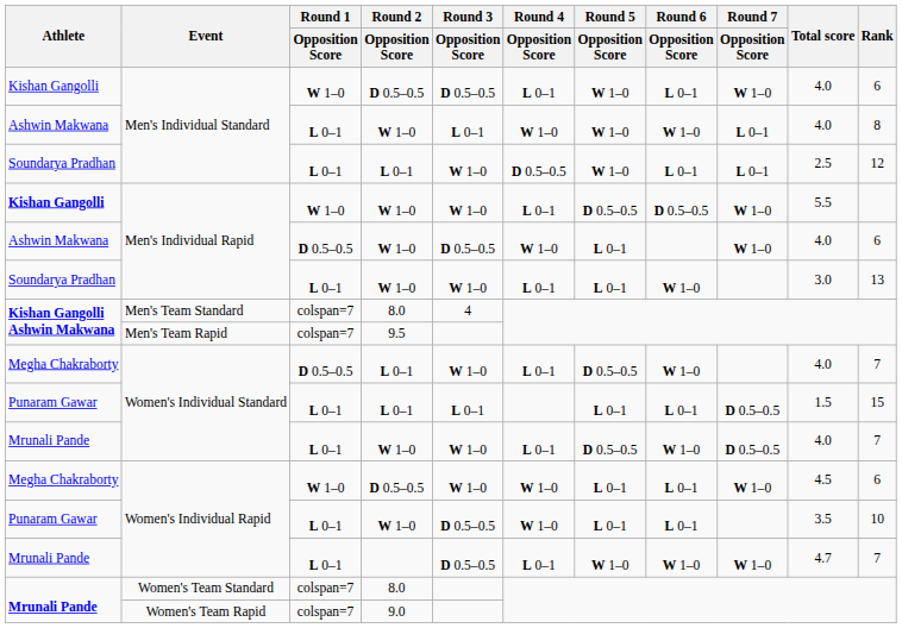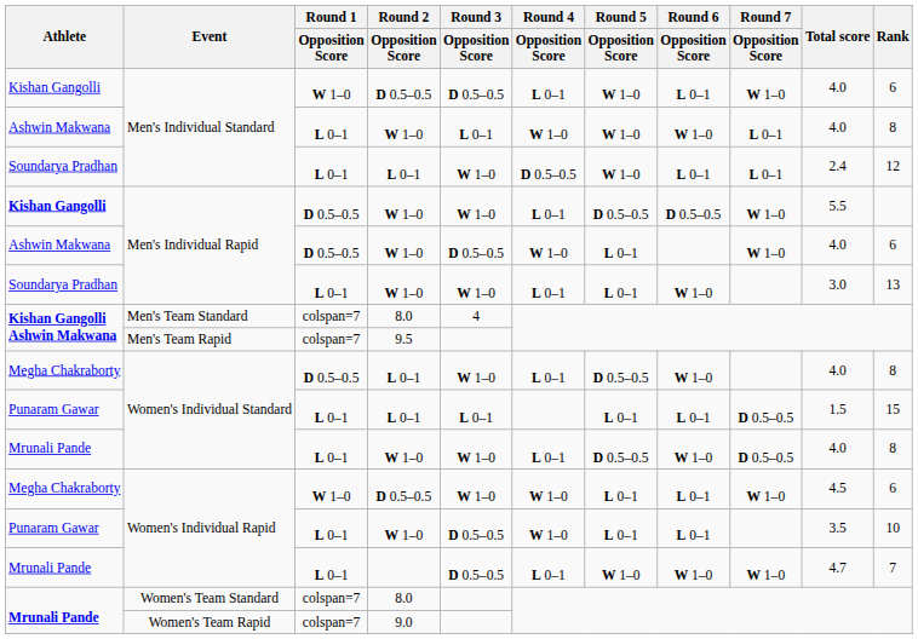 <table class="wikitable" style="text-align:center; font-size:90%">
 <tr>
 <th rowspan=2>Athlete</th>
 <th rowspan=2>Event</th>
 <th>Round 1</th>
 <th>Round 2</th>
 <th>Round 3</th>
 <th>Round 4</th>
 <th>Round 5</th>
 <th>Round 6</th>
 <th>Round 7</th>
 <th rowspan=2>Total score</th>
 <th rowspan=2>Rank</th>
 </tr>
 <tr>
 <th>Opposition<br>Score</th>
 <th>Opposition<br>Score</th>
 <th>Opposition<br>Score</th>
 <th>Opposition<br>Score</th>
 <th>Opposition<br>Score</th>
 <th>Opposition<br>Score</th>
 <th>Opposition<br>Score</th>
 </tr>
 <tr>
 <td align="left"><a href='#'>Kishan Gangolli</a></td>
 <td align="left" rowspan="3">Men's Individual Standard</td>
 <td><br><strong>W</strong> 1–0</td>
 <td><br><strong>D</strong> 0.5–0.5</td>
 <td><br><strong>D</strong> 0.5–0.5</td>
 <td><br><strong>L</strong> 0–1</td>
 <td><br><strong>W</strong> 1–0</td>
 <td><br><strong>L</strong> 0–1</td>
 <td><br><strong>W</strong> 1–0</td>
 <td>4.0</td>
 <td>6</td>
 </tr>
 <tr>
 <td align="left"><a href='#'>Ashwin Makwana</a></td>
 <td><br><strong>L</strong> 0–1</td>
 <td><br><strong>W</strong> 1–0</td>
 <td><br><strong>L</strong> 0–1</td>
 <td><br><strong>W</strong> 1–0</td>
 <td><br><strong>W</strong> 1–0</td>
 <td><br><strong>W</strong> 1–0</td>
 <td><br><strong>L</strong> 0–1</td>
 <td>4.0</td>
 <td>8</td>
 </tr>
 <tr>
 <td align="left"><a href='#'>Soundarya Pradhan</a></td>
 <td><br><strong>L</strong> 0–1</td>
 <td><br><strong>L</strong> 0–1</td>
 <td><br><strong>W</strong> 1–0</td>
 <td><br><strong>D</strong> 0.5–0.5</td>
 <td><br><strong>W</strong> 1–0</td>
 <td><br><strong>L</strong> 0–1</td>
 <td><br><strong>L</strong> 0–1</td>
-<td>2.5</td>
+<td>2.4</td>
 <td>12</td>
 </tr>
 <tr>
 <td align="left"><strong><a href='#'>Kishan Gangolli</a></strong></td>
 <td align="left" rowspan="3">Men's Individual Rapid</td>
-<td><br><strong>W</strong> 1–0</td>
+<td><br><strong>D</strong> 0.5–0.5</td>
 <td><br><strong>W</strong> 1–0</td>
 <td><br><strong>W</strong> 1–0</td>
 <td><br><strong>L</strong> 0–1</td>
 <td><br><strong>D</strong> 0.5–0.5</td>
 <td><br><strong>D</strong> 0.5–0.5</td>
 <td><br><strong>W</strong> 1–0</td>
 <td>5.5</td>
 <td></td>
 </tr>
 <tr>
 <td align="left"><a href='#'>Ashwin Makwana</a></td>
 <td><br><strong>D</strong> 0.5–0.5</td>
 <td><br><strong>W</strong> 1–0</td>
 <td><br><strong>D</strong> 0.5–0.5</td>
 <td><br><strong>W</strong> 1–0</td>
 <td><br><strong>L</strong> 0–1</td>
 <td></td>
 <td><br><strong>W</strong> 1–0</td>
 <td>4.0</td>
 <td>6</td>
 </tr>
 <tr>
 <td align="left"><a href='#'>Soundarya Pradhan</a></td>
 <td><br><strong>L</strong> 0–1</td>
 <td><br><strong>W</strong> 1–0</td>
 <td><br><strong>W</strong> 1–0</td>
 <td><br><strong>L</strong> 0–1</td>
 <td><br><strong>L</strong> 0–1</td>
 <td><br><strong>W</strong> 1–0</td>
 <td></td>
 <td>3.0</td>
 <td>13</td>
 </tr>
 <tr>
 <td align="left" rowspan=2><strong><a href='#'>Kishan Gangolli</a><br><a href='#'>Ashwin Makwana</a></strong></td>
 <td align="left">Men's Team Standard</td>
 <td>colspan=7 </td>
 <td>8.0</td>
 <td>4</td>
 </tr>
 <tr>
 <td align="left">Men's Team Rapid</td>
 <td>colspan=7 </td>
 <td>9.5</td>
 <td></td>
 </tr>
 <tr>
 <td align="left"><a href='#'>Megha Chakraborty</a></td>
 <td align="left" rowspan=3>Women's Individual Standard</td>
 <td><br><strong>D</strong> 0.5–0.5</td>
 <td><br><strong>L</strong> 0–1</td>
 <td><br><strong>W</strong> 1–0</td>
 <td><br><strong>L</strong> 0–1</td>
 <td><br><strong>D</strong> 0.5–0.5</td>
 <td><br><strong>W</strong> 1–0</td>
 <td></td>
 <td>4.0</td>
-<td>7</td>
+<td>8</td>
 </tr>
 <tr>
 <td align="left"><a href='#'>Punaram Gawar</a></td>
 <td><br><strong>L</strong> 0–1</td>
 <td><br><strong>L</strong> 0–1</td>
 <td><br><strong>L</strong> 0–1</td>
 <td></td>
 <td><br><strong>L</strong> 0–1</td>
 <td><br><strong>L</strong> 0–1</td>
 <td><br><strong>D</strong> 0.5–0.5</td>
 <td>1.5</td>
 <td>15</td>
 </tr>
 <tr>
 <td align="left"><a href='#'>Mrunali Pande</a></td>
 <td><br><strong>L</strong> 0–1</td>
 <td><br><strong>W</strong> 1–0</td>
 <td><br><strong>W</strong> 1–0</td>
 <td><br><strong>L</strong> 0–1</td>
 <td><br><strong>D</strong> 0.5–0.5</td>
 <td><br><strong>W</strong> 1–0</td>
 <td><br><strong>D</strong> 0.5–0.5</td>
 <td>4.0</td>
-<td>7</td>
+<td>8</td>
 </tr>
 <tr>
 <td align="left"><a href='#'>Megha Chakraborty</a></td>
 <td align="left" rowspan="3">Women's Individual Rapid</td>
 <td><br><strong>W</strong> 1–0</td>
 <td><br><strong>D</strong> 0.5–0.5</td>
 <td><br><strong>W</strong> 1–0</td>
 <td><br><strong>W</strong> 1–0</td>
 <td><br><strong>L</strong> 0–1</td>
 <td><br><strong>L</strong> 0–1</td>
 <td><br><strong>W</strong> 1–0</td>
 <td>4.5</td>
 <td>6</td>
 </tr>
 <tr>
 <td align="left"><a href='#'>Punaram Gawar</a></td>
 <td><br><strong>L</strong> 0–1</td>
 <td><br><strong>W</strong> 1–0</td>
 <td><br><strong>D</strong> 0.5–0.5</td>
 <td><br><strong>W</strong> 1–0</td>
 <td><br><strong>L</strong> 0–1</td>
 <td><br><strong>L</strong> 0–1</td>
 <td></td>
 <td>3.5</td>
 <td>10</td>
 </tr>
 <tr>
 <td align="left"><a href='#'>Mrunali Pande</a></td>
 <td><br><strong>L</strong> 0–1</td>
 <td></td>
 <td><br><strong>D</strong> 0.5–0.5</td>
 <td><br><strong>L</strong> 0–1</td>
 <td><br><strong>W</strong> 1–0</td>
 <td><br><strong>W</strong> 1–0</td>
 <td><br><strong>W</strong> 1–0</td>
 <td>4.7</td>
 <td>7</td>
 </tr>
 <tr>
 <td align="left" rowspan=2><strong><br><a href='#'>Mrunali Pande</a></strong></td>
 <td>Women's Team Standard</td>
 <td>colspan=7 </td>
 <td>8.0</td>
 <td></td>
 </tr>
 <tr>
 <td>Women's Team Rapid</td>
 <td>colspan=7 </td>
 <td>9.0</td>
 <td></td>
 </tr>
 </table>
